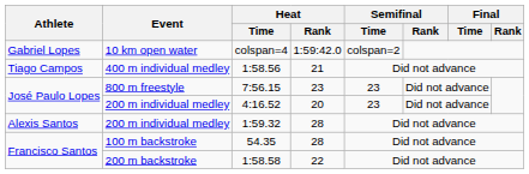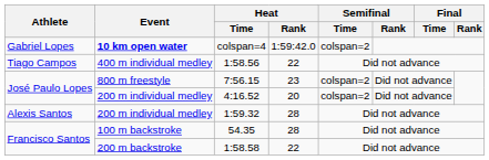 <table class=wikitable style="font-size:90%">
 <tr>
 <th rowspan="2">Athlete</th>
 <th rowspan="2">Event</th>
 <th colspan="2">Heat</th>
 <th colspan="2">Semifinal</th>
 <th colspan="2">Final</th>
 </tr>
 <tr style="font-size:95%">
 <th>Time</th>
 <th>Rank</th>
 <th>Time</th>
 <th>Rank</th>
 <th>Time</th>
 <th>Rank</th>
 </tr>
 <tr align=center>
 <td align=left><a href='#'>Gabriel Lopes</a></td>
-<td align=left><a href='#'>10 km open water</a></td>
+<td align=left><strong><a href='#'>10 km open water</a></strong></td>
 <td>colspan=4 </td>
 <td>1:59:42.0</td>
 <td>colspan=2 </td>
 </tr>
 <tr align=center>
 <td align=left><a href='#'>Tiago Campos</a></td>
 <td align=left><a href='#'>400 m individual medley</a></td>
 <td>1:58.56</td>
-<td>21</td>
+<td>22</td>
 <td colspan="4">Did not advance</td>
 </tr>
 <tr align=center>
 <td align=left rowspan=2><a href='#'>José Paulo Lopes</a></td>
 <td align=left><a href='#'>800 m freestyle</a></td>
 <td>7:56.15</td>
 <td>23</td>
-<td>23</td>
+<td>colspan=2 </td>
 <td colspan="2">Did not advance</td>
 </tr>
 <tr align=center>
 <td align=left><a href='#'>200 m individual medley</a></td>
 <td>4:16.52</td>
 <td>20</td>
-<td>23</td>
+<td>colspan=2 </td>
 <td colspan="2">Did not advance</td>
 </tr>
 <tr align=center>
 <td align=left><a href='#'>Alexis Santos</a></td>
 <td align=left><a href='#'>200 m individual medley</a></td>
 <td>1:59.32</td>
 <td>28</td>
 <td colspan="4">Did not advance</td>
 </tr>
 <tr align=center>
 <td align=left rowspan=2><a href='#'>Francisco Santos</a></td>
 <td align=left><a href='#'>100 m backstroke</a></td>
 <td>54.35</td>
 <td>28</td>
 <td colspan="4">Did not advance</td>
 </tr>
 <tr align=center>
 <td align=left><a href='#'>200 m backstroke</a></td>
 <td>1:58.58</td>
 <td>22</td>
 <td colspan="4">Did not advance</td>
 </tr>
 </table>
